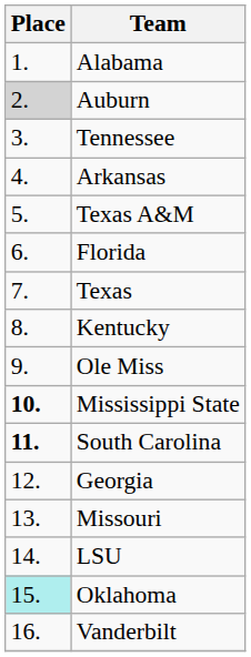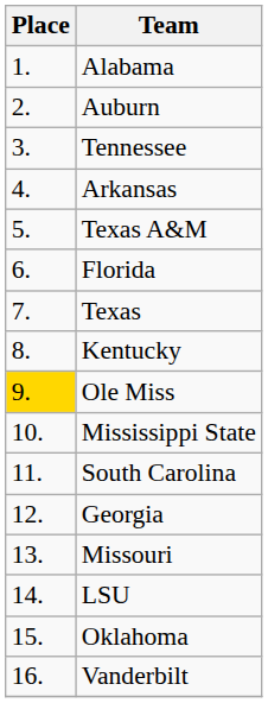 <table class="wikitable">
 <tr>
 <th>Place</th>
 <th>Team</th>
 </tr>
 <tr>
 <td>1.</td>
 <td>Alabama</td>
 </tr>
 <tr>
-<td style="background: lightgrey;">2.</td>
+<td>2.</td>
 <td>Auburn</td>
 </tr>
 <tr>
 <td>3.</td>
 <td>Tennessee</td>
 </tr>
 <tr>
 <td>4.</td>
 <td>Arkansas</td>
 </tr>
 <tr>
 <td>5.</td>
 <td>Texas A&M</td>
 </tr>
 <tr>
 <td>6.</td>
 <td>Florida</td>
 </tr>
 <tr>
 <td>7.</td>
 <td>Texas</td>
 </tr>
 <tr>
 <td>8.</td>
 <td>Kentucky</td>
 </tr>
 <tr>
-<td>9.</td>
+<td style="background: gold;">9.</td>
 <td>Ole Miss</td>
 </tr>
 <tr>
-<td><strong>10.</strong></td>
+<td>10.</td>
 <td>Mississippi State</td>
 </tr>
 <tr>
-<td><strong>11.</strong></td>
+<td>11.</td>
 <td>South Carolina</td>
 </tr>
 <tr>
 <td>12.</td>
 <td>Georgia</td>
 </tr>
 <tr>
 <td>13.</td>
 <td>Missouri</td>
 </tr>
 <tr>
 <td>14.</td>
 <td>LSU</td>
 </tr>
 <tr>
-<td style="background: paleturquoise;">15.</td>
+<td>15.</td>
 <td>Oklahoma</td>
 </tr>
 <tr>
 <td>16.</td>
 <td>Vanderbilt</td>
 </tr>
 <tr>
 </tr>
 </table>
